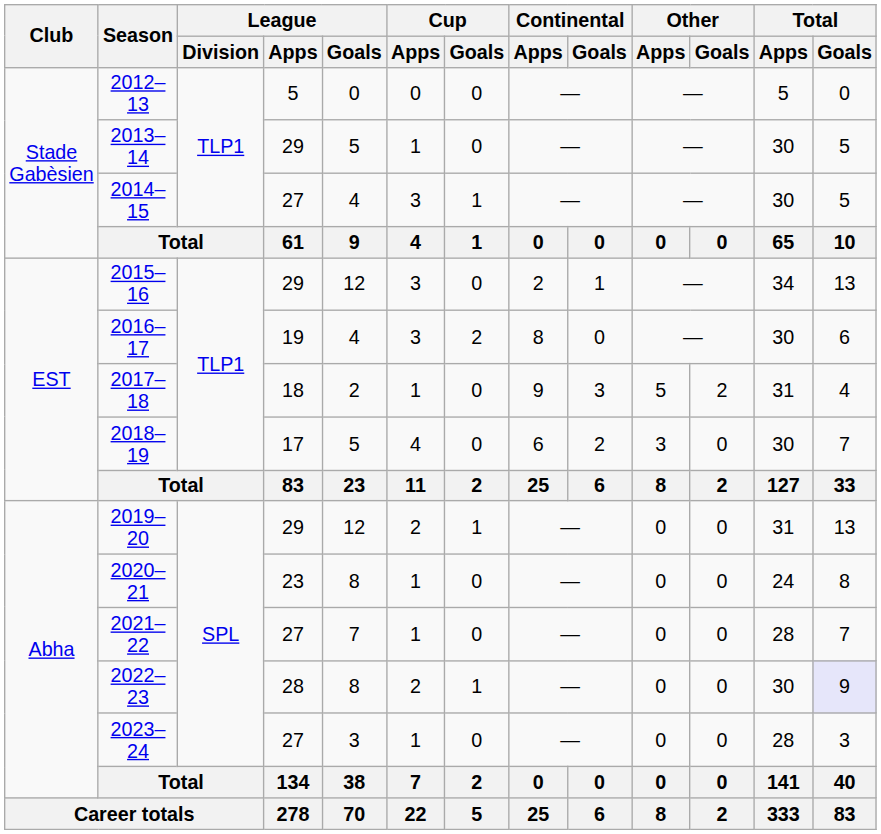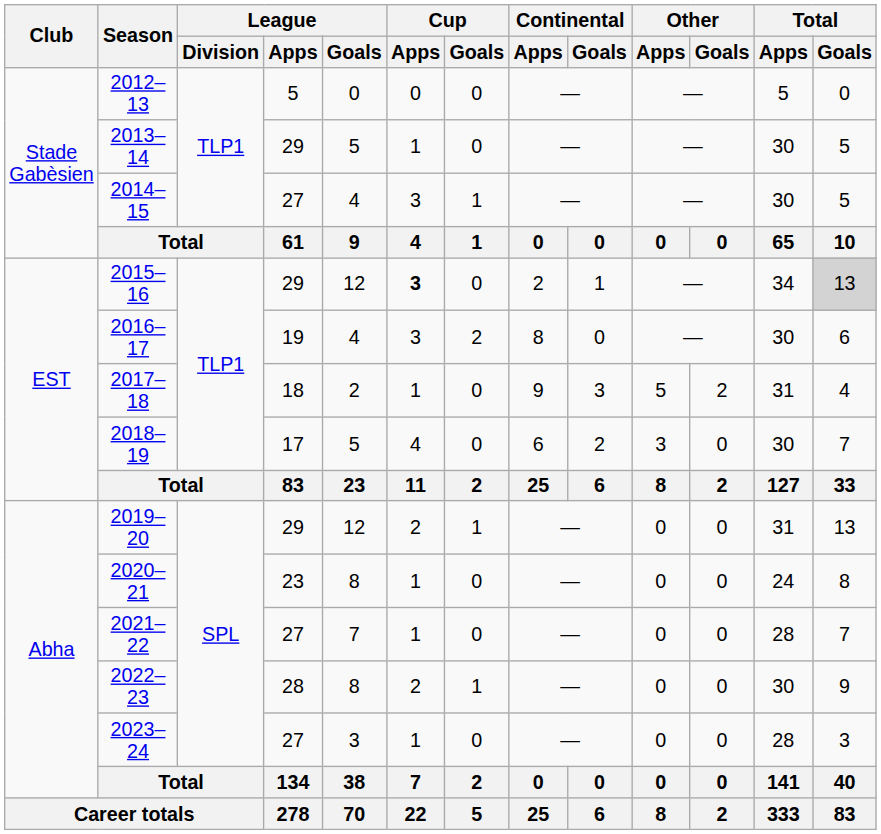 <table class="wikitable" style="font-size:90%; text-align: center">
 <tr>
 <th rowspan=2>Club</th>
 <th rowspan=2>Season</th>
 <th colspan=3>League</th>
 <th colspan=2>Cup</th>
 <th colspan=2>Continental</th>
 <th colspan=2>Other</th>
 <th colspan=2>Total</th>
 </tr>
 <tr>
 <th>Division</th>
 <th>Apps</th>
 <th>Goals</th>
 <th>Apps</th>
 <th>Goals</th>
 <th>Apps</th>
 <th>Goals</th>
 <th>Apps</th>
 <th>Goals</th>
 <th>Apps</th>
 <th>Goals</th>
 </tr>
 <tr>
 <td rowspan=4><a href='#'>Stade Gabèsien</a></td>
 <td><a href='#'>2012–13</a></td>
 <td rowspan=3><a href='#'>TLP1</a></td>
 <td>5</td>
 <td>0</td>
 <td>0</td>
 <td>0</td>
 <td colspan=2>—</td>
 <td colspan=2>—</td>
 <td>5</td>
 <td>0</td>
 </tr>
 <tr>
 <td><a href='#'>2013–14</a></td>
 <td>29</td>
 <td>5</td>
 <td>1</td>
 <td>0</td>
 <td colspan=2>—</td>
 <td colspan=2>—</td>
 <td>30</td>
 <td>5</td>
 </tr>
 <tr>
 <td><a href='#'>2014–15</a></td>
 <td>27</td>
 <td>4</td>
 <td>3</td>
 <td>1</td>
 <td colspan=2>—</td>
 <td colspan=2>—</td>
 <td>30</td>
 <td>5</td>
 </tr>
 <tr>
 <th colspan=2>Total</th>
 <th>61</th>
 <th>9</th>
 <th>4</th>
 <th>1</th>
 <th>0</th>
 <th>0</th>
 <th>0</th>
 <th>0</th>
 <th>65</th>
 <th>10</th>
 </tr>
 <tr>
 <td rowspan=5><a href='#'>EST</a></td>
 <td><a href='#'>2015–16</a></td>
 <td rowspan=4><a href='#'>TLP1</a></td>
 <td>29</td>
 <td>12</td>
-<td>3</td>
+<td><strong>3</strong></td>
 <td>0</td>
 <td>2</td>
 <td>1</td>
 <td colspan=2>—</td>
 <td>34</td>
-<td>13</td>
+<td style="background: lightgrey;">13</td>
 </tr>
 <tr>
 <td><a href='#'>2016–17</a></td>
 <td>19</td>
 <td>4</td>
 <td>3</td>
 <td>2</td>
 <td>8</td>
 <td>0</td>
 <td colspan=2>—</td>
 <td>30</td>
 <td>6</td>
 </tr>
 <tr>
 <td><a href='#'>2017–18</a></td>
 <td>18</td>
 <td>2</td>
 <td>1</td>
 <td>0</td>
 <td>9</td>
 <td>3</td>
 <td>5</td>
 <td>2</td>
 <td>31</td>
 <td>4</td>
 </tr>
 <tr>
 <td><a href='#'>2018–19</a></td>
 <td>17</td>
 <td>5</td>
 <td>4</td>
 <td>0</td>
 <td>6</td>
 <td>2</td>
 <td>3</td>
 <td>0</td>
 <td>30</td>
 <td>7</td>
 </tr>
 <tr>
 <th colspan=2>Total</th>
 <th>83</th>
 <th>23</th>
 <th>11</th>
 <th>2</th>
 <th>25</th>
 <th>6</th>
 <th>8</th>
 <th>2</th>
 <th>127</th>
 <th>33</th>
 </tr>
 <tr>
 <td rowspan=6><a href='#'>Abha</a></td>
 <td><a href='#'>2019–20</a></td>
 <td rowspan=5><a href='#'>SPL</a></td>
 <td>29</td>
 <td>12</td>
 <td>2</td>
 <td>1</td>
 <td colspan=2>—</td>
 <td>0</td>
 <td>0</td>
 <td>31</td>
 <td>13</td>
 </tr>
 <tr>
 <td><a href='#'>2020–21</a></td>
 <td>23</td>
 <td>8</td>
 <td>1</td>
 <td>0</td>
 <td colspan=2>—</td>
 <td>0</td>
 <td>0</td>
 <td>24</td>
 <td>8</td>
 </tr>
 <tr>
 <td><a href='#'>2021–22</a></td>
 <td>27</td>
 <td>7</td>
 <td>1</td>
 <td>0</td>
 <td colspan=2>—</td>
 <td>0</td>
 <td>0</td>
 <td>28</td>
 <td>7</td>
 </tr>
 <tr>
 <td><a href='#'>2022–23</a></td>
 <td>28</td>
 <td>8</td>
 <td>2</td>
 <td>1</td>
 <td colspan=2>—</td>
 <td>0</td>
 <td>0</td>
 <td>30</td>
-<td style="background: lavender;">9</td>
+<td>9</td>
 </tr>
 <tr>
 <td><a href='#'>2023–24</a></td>
 <td>27</td>
 <td>3</td>
 <td>1</td>
 <td>0</td>
 <td colspan=2>—</td>
 <td>0</td>
 <td>0</td>
 <td>28</td>
 <td>3</td>
 </tr>
 <tr>
 <th colspan=2>Total</th>
 <th>134</th>
 <th>38</th>
 <th>7</th>
 <th>2</th>
 <th>0</th>
 <th>0</th>
 <th>0</th>
 <th>0</th>
 <th>141</th>
 <th>40</th>
 </tr>
 <tr>
 <th colspan=3>Career totals</th>
 <th>278</th>
 <th>70</th>
 <th>22</th>
 <th>5</th>
 <th>25</th>
 <th>6</th>
 <th>8</th>
 <th>2</th>
 <th>333</th>
 <th>83</th>
 </tr>
 </table>
